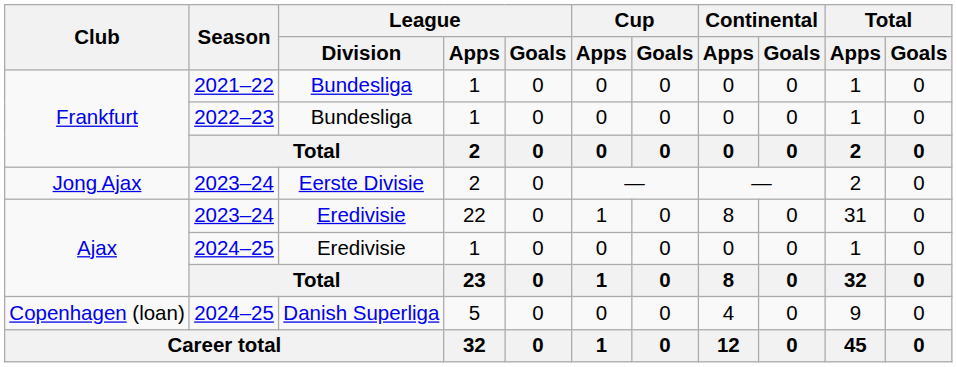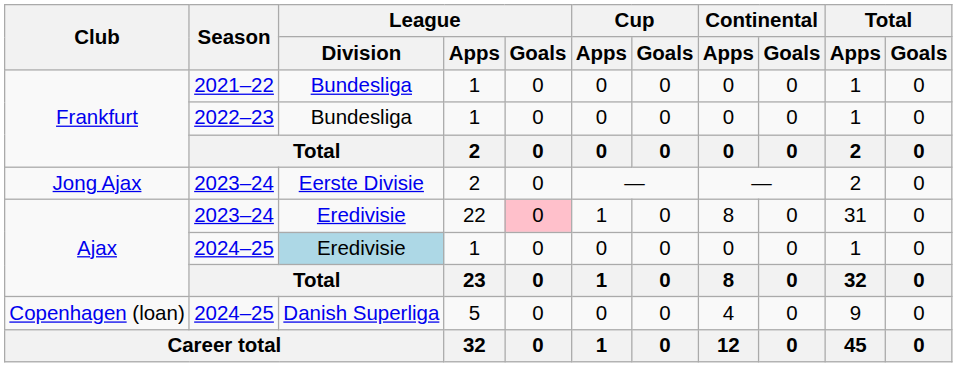 <table class="wikitable" style="text-align: center">
 <tr>
 <th rowspan="2">Club</th>
 <th rowspan="2">Season</th>
 <th colspan="3">League</th>
 <th colspan="2">Cup</th>
 <th colspan="2">Continental</th>
 <th colspan="2">Total</th>
 </tr>
 <tr>
 <th>Division</th>
 <th>Apps</th>
 <th>Goals</th>
 <th>Apps</th>
 <th>Goals</th>
 <th>Apps</th>
 <th>Goals</th>
 <th>Apps</th>
 <th>Goals</th>
 </tr>
 <tr>
 <td rowspan="3"><a href='#'>Frankfurt</a></td>
 <td><a href='#'>2021–22</a></td>
 <td><a href='#'>Bundesliga</a></td>
 <td>1</td>
 <td>0</td>
 <td>0</td>
 <td>0</td>
 <td>0</td>
 <td>0</td>
 <td>1</td>
 <td>0</td>
 </tr>
 <tr>
 <td><a href='#'>2022–23</a></td>
 <td>Bundesliga</td>
 <td>1</td>
 <td>0</td>
 <td>0</td>
 <td>0</td>
 <td>0</td>
 <td>0</td>
 <td>1</td>
 <td>0</td>
 </tr>
 <tr>
 <th colspan="2">Total</th>
 <th>2</th>
 <th>0</th>
 <th>0</th>
 <th>0</th>
 <th>0</th>
 <th>0</th>
 <th>2</th>
 <th>0</th>
 </tr>
 <tr>
 <td><a href='#'>Jong Ajax</a></td>
 <td><a href='#'>2023–24</a></td>
 <td><a href='#'>Eerste Divisie</a></td>
 <td>2</td>
 <td>0</td>
 <td colspan="2">—</td>
 <td colspan="2">—</td>
 <td>2</td>
 <td>0</td>
 </tr>
 <tr>
 <td rowspan="3"><a href='#'>Ajax</a></td>
 <td><a href='#'>2023–24</a></td>
 <td><a href='#'>Eredivisie</a></td>
 <td>22</td>
-<td>0</td>
+<td style="background: pink;">0</td>
 <td>1</td>
 <td>0</td>
 <td>8</td>
 <td>0</td>
 <td>31</td>
 <td>0</td>
 </tr>
 <tr>
 <td><a href='#'>2024–25</a></td>
-<td>Eredivisie</td>
+<td style="background: lightblue;">Eredivisie</td>
 <td>1</td>
 <td>0</td>
 <td>0</td>
 <td>0</td>
 <td>0</td>
 <td>0</td>
 <td>1</td>
 <td>0</td>
 </tr>
 <tr>
 <th colspan="2">Total</th>
 <th>23</th>
 <th>0</th>
 <th>1</th>
 <th>0</th>
 <th>8</th>
 <th>0</th>
 <th>32</th>
 <th>0</th>
 </tr>
 <tr>
 <td><a href='#'>Copenhagen</a> (loan)</td>
 <td><a href='#'>2024–25</a></td>
 <td><a href='#'>Danish Superliga</a></td>
 <td>5</td>
 <td>0</td>
 <td>0</td>
 <td>0</td>
 <td>4</td>
 <td>0</td>
 <td>9</td>
 <td>0</td>
 </tr>
 <tr>
 <th colspan="3">Career total</th>
 <th>32</th>
 <th>0</th>
 <th>1</th>
 <th>0</th>
 <th>12</th>
 <th>0</th>
 <th>45</th>
 <th>0</th>
 </tr>
 </table>
